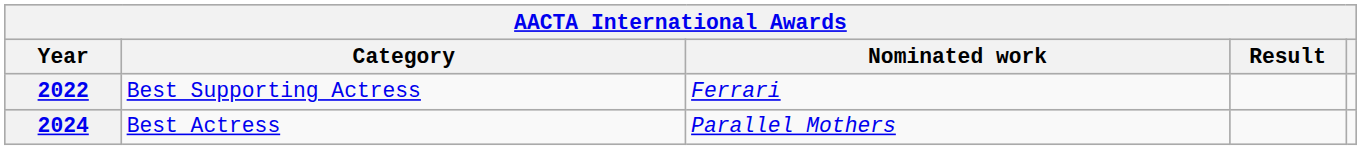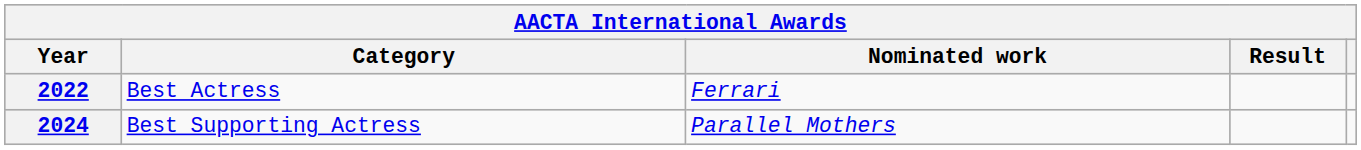 <table class=wikitable>
 <tr>
 <th colspan=5><a href='#'>AACTA International Awards</a></th>
 </tr>
 <tr>
 <th scope="col" style="width:5em;">Year</th>
 <th scope="col" style="width:26em;">Category</th>
 <th scope="col" style="width:25em;">Nominated work</th>
 <th scope="col" style="width:5em;">Result</th>
 <th></th>
 </tr>
 <tr>
 <th style="text-align:center;"><a href='#'>2022</a></th>
-<td><a href='#'>Best Supporting Actress</a></td>
+<td><a href='#'>Best Actress</a></td>
 <td><em><a href='#'>Ferrari</a></em></td>
 <td></td>
 <td></td>
 </tr>
 <tr>
 <th rowspan = "2" style="text-align:center;"><a href='#'>2024</a></th>
-<td><a href='#'>Best Actress</a></td>
+<td><a href='#'>Best Supporting Actress</a></td>
 <td><em><a href='#'>Parallel Mothers</a></em></td>
 <td></td>
 <td></td>
 </tr>
 </table>
